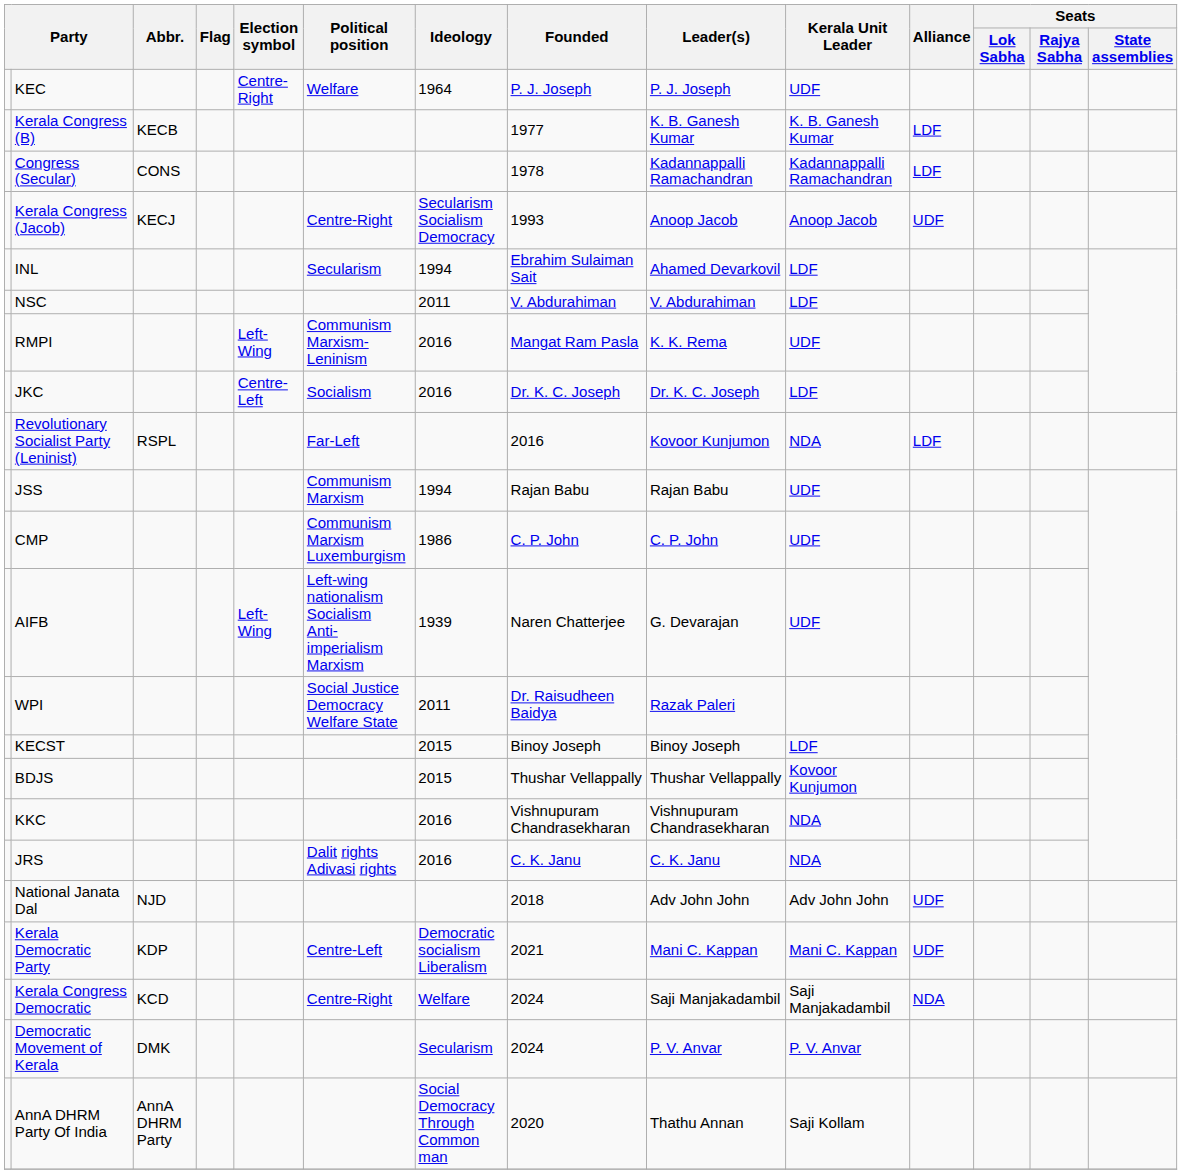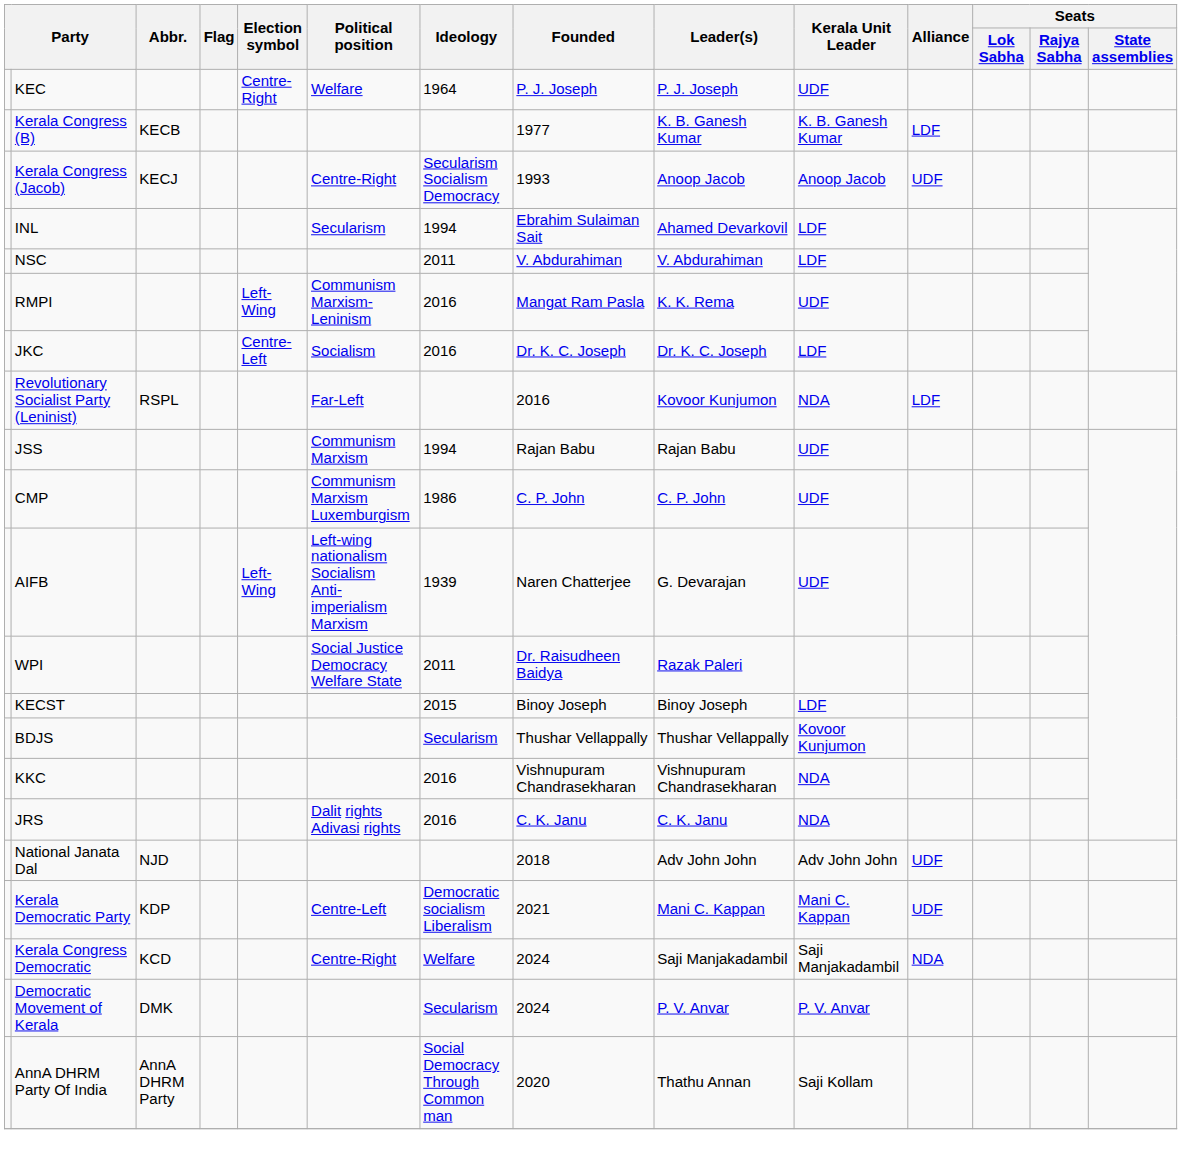 <table class="wikitable sortable">
 <tr>
 <th colspan=2 rowspan=2>Party</th>
 <th rowspan="2">Abbr.</th>
 <th rowspan="2" class="unsortable">Flag</th>
 <th rowspan=2 class=unsortable>Election<br>symbol</th>
 <th rowspan=2>Political<br>position</th>
 <th rowspan=2>Ideology</th>
 <th rowspan=2>Founded</th>
 <th rowspan=2>Leader(s)</th>
 <th rowspan=2>Kerala Unit Leader</th>
 <th rowspan=2>Alliance</th>
 <th colspan=3>Seats</th>
 </tr>
 <tr>
 <th><a href='#'>Lok Sabha</a></th>
 <th><a href='#'>Rajya Sabha</a></th>
 <th><a href='#'>State<br>assemblies</a></th>
 </tr>
 <tr>
 <td></td>
 <td>KEC</td>
 <td></td>
 <td></td>
 <td><a href='#'>Centre-Right</a></td>
 <td><a href='#'>Welfare</a></td>
 <td>1964</td>
 <td><a href='#'>P. J. Joseph</a></td>
 <td><a href='#'>P. J. Joseph</a></td>
 <td><a href='#'>UDF</a></td>
 <td></td>
 <td></td>
 <td></td>
 </tr>
 <tr>
 <td style="background-color:"></td>
 <td><a href='#'>Kerala Congress (B)</a></td>
 <td>KECB</td>
 <td></td>
 <td></td>
 <td></td>
 <td></td>
 <td>1977</td>
 <td><a href='#'>K. B. Ganesh Kumar</a></td>
 <td><a href='#'>K. B. Ganesh Kumar</a></td>
-<td><a href='#'>LDF</a></td>
-<td></td>
-<td></td>
-<td></td>
-</tr>
-<tr>
-<td style="background-color:"></td>
-<td><a href='#'>Congress (Secular)</a></td>
-<td>CONS</td>
-<td></td>
-<td></td>
-<td></td>
-<td></td>
-<td>1978</td>
-<td><a href='#'>Kadannappalli Ramachandran</a></td>
-<td><a href='#'>Kadannappalli Ramachandran</a></td>
 <td><a href='#'>LDF</a></td>
 <td></td>
 <td></td>
 <td></td>
 </tr>
 <tr>
 <td style="background-color:"></td>
 <td><a href='#'>Kerala Congress (Jacob)</a></td>
 <td>KECJ</td>
 <td></td>
 <td></td>
 <td><a href='#'>Centre-Right</a></td>
 <td><a href='#'>Secularism</a><br><a href='#'>Socialism</a><br><a href='#'>Democracy</a></td>
 <td>1993</td>
 <td><a href='#'>Anoop Jacob</a></td>
 <td><a href='#'>Anoop Jacob</a></td>
 <td><a href='#'>UDF</a></td>
 <td></td>
 <td></td>
 <td></td>
 </tr>
 <tr>
 <td></td>
 <td>INL</td>
 <td></td>
 <td></td>
 <td></td>
 <td><a href='#'>Secularism</a></td>
 <td>1994</td>
 <td><a href='#'>Ebrahim Sulaiman Sait</a></td>
 <td><a href='#'>Ahamed Devarkovil</a></td>
 <td><a href='#'>LDF</a></td>
 <td></td>
 <td></td>
 <td></td>
 </tr>
 <tr>
 <td></td>
 <td>NSC</td>
 <td></td>
 <td></td>
 <td></td>
 <td></td>
 <td>2011</td>
 <td><a href='#'>V. Abdurahiman</a></td>
 <td><a href='#'>V. Abdurahiman</a></td>
 <td><a href='#'>LDF</a></td>
 <td></td>
 <td></td>
 <td></td>
 </tr>
 <tr>
 <td></td>
 <td>RMPI</td>
 <td></td>
 <td></td>
 <td><a href='#'>Left-Wing</a></td>
 <td><a href='#'>Communism</a><br><a href='#'>Marxism-Leninism</a></td>
 <td>2016</td>
 <td><a href='#'>Mangat Ram Pasla</a></td>
 <td><a href='#'>K. K. Rema</a></td>
 <td><a href='#'>UDF</a></td>
 <td></td>
 <td></td>
 <td></td>
 </tr>
 <tr>
 <td></td>
 <td>JKC</td>
 <td></td>
 <td></td>
 <td><a href='#'>Centre-Left</a></td>
 <td><a href='#'>Socialism</a></td>
 <td>2016</td>
 <td><a href='#'>Dr. K. C. Joseph</a></td>
 <td><a href='#'>Dr. K. C. Joseph</a></td>
 <td><a href='#'>LDF</a></td>
 <td></td>
 <td></td>
 <td></td>
 </tr>
 <tr>
 <td style="background-color:"></td>
 <td><a href='#'>Revolutionary Socialist Party (Leninist)</a></td>
 <td>RSPL</td>
 <td></td>
 <td></td>
 <td><a href='#'>Far-Left</a></td>
 <td></td>
 <td>2016</td>
 <td><a href='#'>Kovoor Kunjumon</a></td>
 <td><a href='#'>NDA</a></td>
 <td><a href='#'>LDF</a></td>
 <td></td>
 <td></td>
 <td></td>
 </tr>
 <tr>
 <td></td>
 <td>JSS</td>
 <td></td>
 <td></td>
 <td></td>
 <td><a href='#'>Communism</a><br><a href='#'>Marxism</a></td>
 <td>1994</td>
 <td>Rajan Babu</td>
 <td>Rajan Babu</td>
 <td><a href='#'>UDF</a></td>
 <td></td>
 <td></td>
 <td></td>
 </tr>
 <tr>
 <td></td>
 <td>CMP</td>
 <td></td>
 <td></td>
 <td></td>
 <td><a href='#'>Communism</a><br><a href='#'>Marxism</a><br><a href='#'>Luxemburgism</a></td>
 <td>1986</td>
 <td><a href='#'>C. P. John</a></td>
 <td><a href='#'>C. P. John</a></td>
 <td><a href='#'>UDF</a></td>
 <td></td>
 <td></td>
 <td></td>
 </tr>
 <tr>
 <td></td>
 <td>AIFB</td>
 <td></td>
 <td></td>
 <td><a href='#'>Left-Wing</a></td>
 <td><a href='#'>Left-wing nationalism</a><br><a href='#'>Socialism</a><br><a href='#'>Anti-imperialism</a><br><a href='#'>Marxism</a></td>
 <td>1939</td>
 <td>Naren Chatterjee</td>
 <td>G. Devarajan</td>
 <td><a href='#'>UDF</a></td>
 <td></td>
 <td></td>
 <td></td>
 </tr>
 <tr>
 <td></td>
 <td>WPI</td>
 <td><br></td>
 <td></td>
 <td></td>
 <td><a href='#'>Social Justice</a><br><a href='#'>Democracy</a><br><a href='#'>Welfare State</a></td>
 <td>2011</td>
 <td><a href='#'>Dr. Raisudheen Baidya</a></td>
 <td><a href='#'>Razak Paleri</a></td>
 <td></td>
 <td></td>
 <td></td>
 <td></td>
 </tr>
 <tr>
 <td></td>
 <td>KECST</td>
 <td></td>
 <td></td>
 <td></td>
 <td></td>
 <td>2015</td>
 <td>Binoy Joseph</td>
 <td>Binoy Joseph</td>
 <td><a href='#'>LDF</a></td>
 <td></td>
 <td></td>
 <td></td>
 </tr>
 <tr>
 <td></td>
 <td>BDJS</td>
 <td></td>
 <td></td>
 <td></td>
 <td></td>
-<td>2015</td>
+<td><a href='#'>Secularism</a></td>
 <td>Thushar Vellappally</td>
 <td>Thushar Vellappally</td>
 <td><a href='#'>Kovoor Kunjumon</a></td>
 <td></td>
 <td></td>
 <td></td>
 </tr>
 <tr>
 <td></td>
 <td>KKC</td>
 <td></td>
 <td></td>
 <td></td>
 <td></td>
 <td>2016</td>
 <td>Vishnupuram Chandrasekharan</td>
 <td>Vishnupuram Chandrasekharan</td>
 <td><a href='#'>NDA</a></td>
 <td></td>
 <td></td>
 <td></td>
 </tr>
 <tr>
 <td></td>
 <td>JRS</td>
 <td></td>
 <td></td>
 <td></td>
 <td><a href='#'>Dalit</a> <a href='#'>rights</a><br><a href='#'>Adivasi</a> <a href='#'>rights</a></td>
 <td>2016</td>
 <td><a href='#'>C. K. Janu</a></td>
 <td><a href='#'>C. K. Janu</a></td>
 <td><a href='#'>NDA</a></td>
 <td></td>
 <td></td>
 <td></td>
 </tr>
 <tr>
 <td style="background-color:"></td>
 <td>National Janata Dal</td>
 <td>NJD</td>
 <td></td>
 <td></td>
 <td></td>
 <td></td>
 <td>2018</td>
 <td>Adv John John</td>
 <td>Adv John John</td>
 <td><a href='#'>UDF</a></td>
 <td></td>
 <td></td>
 <td></td>
 </tr>
 <tr>
 <td style="background-color:"></td>
 <td><a href='#'>Kerala Democratic Party</a></td>
 <td>KDP</td>
 <td></td>
 <td></td>
 <td><a href='#'>Centre-Left</a></td>
 <td><a href='#'>Democratic socialism</a><br><a href='#'>Liberalism</a></td>
 <td>2021</td>
 <td><a href='#'>Mani C. Kappan</a></td>
 <td><a href='#'>Mani C. Kappan</a></td>
 <td><a href='#'>UDF</a></td>
 <td></td>
 <td></td>
 <td></td>
 </tr>
 <tr>
 <td style="background-color:"></td>
 <td><a href='#'>Kerala Congress Democratic</a></td>
 <td>KCD</td>
 <td></td>
 <td></td>
 <td><a href='#'>Centre-Right</a></td>
 <td><a href='#'>Welfare</a></td>
 <td>2024</td>
 <td>Saji Manjakadambil</td>
 <td>Saji Manjakadambil</td>
 <td><a href='#'>NDA</a></td>
 <td></td>
 <td></td>
 <td></td>
 </tr>
 <tr>
 <td style="background-color:"></td>
 <td><a href='#'>Democratic Movement of Kerala</a></td>
 <td>DMK</td>
 <td></td>
 <td></td>
 <td></td>
 <td><a href='#'>Secularism</a></td>
 <td>2024</td>
 <td><a href='#'>P. V. Anvar</a></td>
 <td><a href='#'>P. V. Anvar</a></td>
 <td></td>
 <td></td>
 <td></td>
 <td></td>
 </tr>
 <tr>
 <td style="background-color:"></td>
 <td>AnnA DHRM Party Of India</td>
 <td>AnnA DHRM Party</td>
 <td><br></td>
 <td></td>
 <td></td>
 <td><a href='#'>Social Democracy</a><br><a href='#'>Through</a><br><a href='#'>Common man</a></td>
 <td>2020</td>
 <td>Thathu Annan</td>
 <td>Saji Kollam</td>
 <td></td>
 <td></td>
 <td></td>
 <td></td>
 </tr>
 <tr>
 </tr>
 </table>
